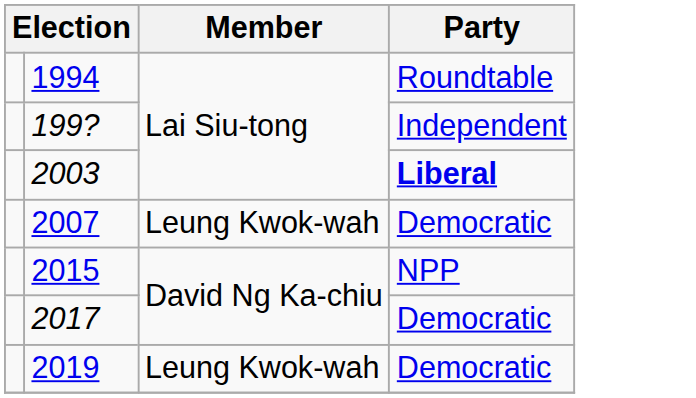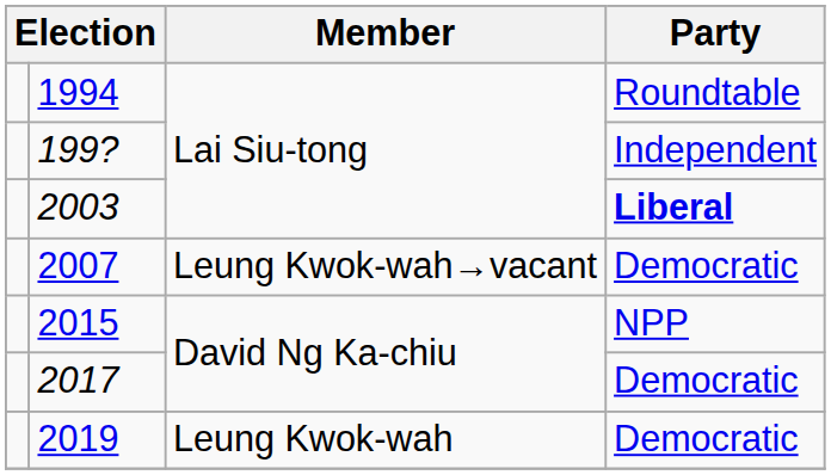 <table class="wikitable">
 <tr>
 <th colspan="2">Election</th>
 <th>Member</th>
 <th>Party</th>
 </tr>
 <tr>
 <td style="color:inherit;background:"></td>
 <td><a href='#'>1994</a></td>
 <td rowspan=3>Lai Siu-tong</td>
 <td><a href='#'>Roundtable</a></td>
 </tr>
 <tr>
 <td style="color:inherit;background:"></td>
 <td><em>199?</em></td>
 <td><a href='#'>Independent</a></td>
 </tr>
 <tr>
 <td style="color:inherit;background:"></td>
 <td><em>2003</em></td>
 <td><strong><a href='#'>Liberal</a></strong></td>
 </tr>
 <tr>
 <td style="color:inherit;background:"></td>
 <td><a href='#'>2007</a></td>
-<td>Leung Kwok-wah</td>
+<td>Leung Kwok-wah→vacant</td>
 <td><a href='#'>Democratic</a></td>
 </tr>
 <tr>
 <td style="color:inherit;background:"></td>
 <td><a href='#'>2015</a></td>
 <td rowspan=2>David Ng Ka-chiu</td>
 <td><a href='#'>NPP</a></td>
 </tr>
 <tr>
 <td style="color:inherit;background:"></td>
 <td><em>2017</em></td>
 <td><a href='#'>Democratic</a></td>
 </tr>
 <tr>
 <td style="color:inherit;background:"></td>
 <td><a href='#'>2019</a></td>
 <td>Leung Kwok-wah</td>
 <td><a href='#'>Democratic</a></td>
 </tr>
 <tr>
 </tr>
 </table>
